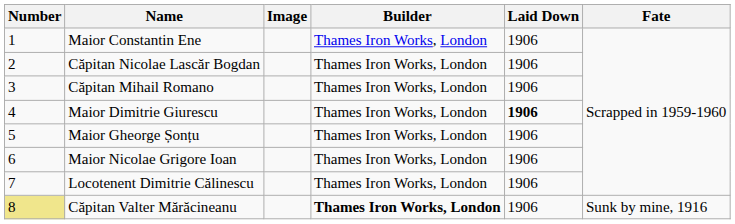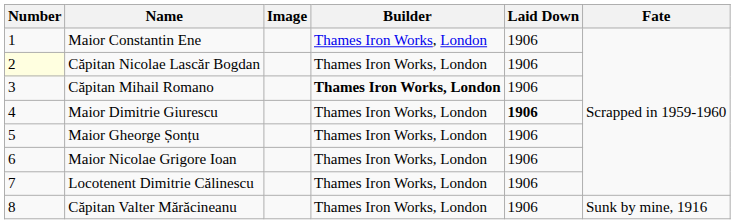 <table class="wikitable">
 <tr>
 <th>Number</th>
 <th>Name</th>
 <th>Image</th>
 <th>Builder</th>
 <th>Laid Down</th>
 <th>Fate</th>
 </tr>
 <tr>
 <td>1</td>
 <td>Maior Constantin Ene</td>
 <td></td>
 <td><a href='#'>Thames Iron Works</a>, <a href='#'>London</a></td>
 <td>1906</td>
 <td rowspan="7">Scrapped in 1959-1960</td>
 </tr>
 <tr>
-<td>2</td>
+<td style="background: lightyellow;">2</td>
 <td>Căpitan Nicolae Lascăr Bogdan</td>
 <td></td>
 <td>Thames Iron Works, London</td>
 <td>1906</td>
 </tr>
 <tr>
 <td>3</td>
 <td>Căpitan Mihail Romano</td>
 <td></td>
-<td>Thames Iron Works, London</td>
+<td><strong>Thames Iron Works, London</strong></td>
 <td>1906</td>
 </tr>
 <tr>
 <td>4</td>
 <td>Maior Dimitrie Giurescu</td>
 <td></td>
 <td>Thames Iron Works, London</td>
 <td><strong>1906</strong></td>
 </tr>
 <tr>
 <td>5</td>
 <td>Maior Gheorge Șonțu</td>
 <td></td>
 <td>Thames Iron Works, London</td>
 <td>1906</td>
 </tr>
 <tr>
 <td>6</td>
 <td>Maior Nicolae Grigore Ioan</td>
 <td></td>
 <td>Thames Iron Works, London</td>
 <td>1906</td>
 </tr>
 <tr>
 <td>7</td>
 <td>Locotenent Dimitrie Călinescu</td>
 <td></td>
 <td>Thames Iron Works, London</td>
 <td>1906</td>
 </tr>
 <tr>
-<td style="background: khaki;">8</td>
+<td>8</td>
 <td>Căpitan Valter Mărăcineanu</td>
 <td></td>
-<td><strong>Thames Iron Works, London</strong></td>
+<td>Thames Iron Works, London</td>
 <td>1906</td>
 <td>Sunk by mine, 1916</td>
 </tr>
 </table>
